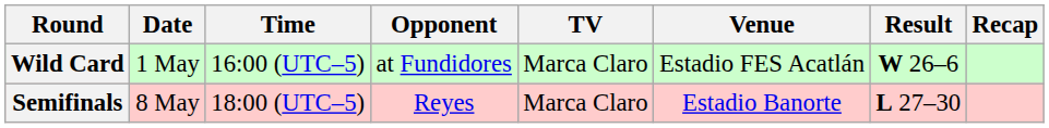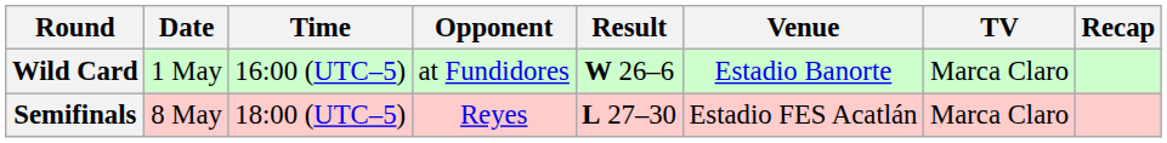 <table class="wikitable" style="text-align:center">
 <tr>
 <th>Round</th>
 <th>Date</th>
 <th>Time</th>
 <th>Opponent</th>
+<th>Result</th>
+<th>Venue</th>
 <th>TV</th>
-<th>Venue</th>
-<th>Result</th>
 <th>Recap</th>
 </tr>
 <tr style="background:#cfc">
 <th>Wild Card</th>
 <td>1 May</td>
 <td>16:00 (<a href='#'>UTC–5</a>)</td>
 <td>at <a href='#'>Fundidores</a></td>
+<td><strong>W</strong> 26–6</td>
+<td><a href='#'>Estadio Banorte</a></td>
 <td>Marca Claro</td>
-<td>Estadio FES Acatlán</td>
-<td><strong>W</strong> 26–6</td>
 <td></td>
 </tr>
 <tr style="background:#fcc">
 <th>Semifinals</th>
 <td>8 May</td>
 <td>18:00 (<a href='#'>UTC–5</a>)</td>
 <td><a href='#'>Reyes</a></td>
+<td><strong>L</strong> 27–30</td>
+<td>Estadio FES Acatlán</td>
 <td>Marca Claro</td>
-<td><a href='#'>Estadio Banorte</a></td>
-<td><strong>L</strong> 27–30</td>
 <td></td>
 </tr>
 </table>
